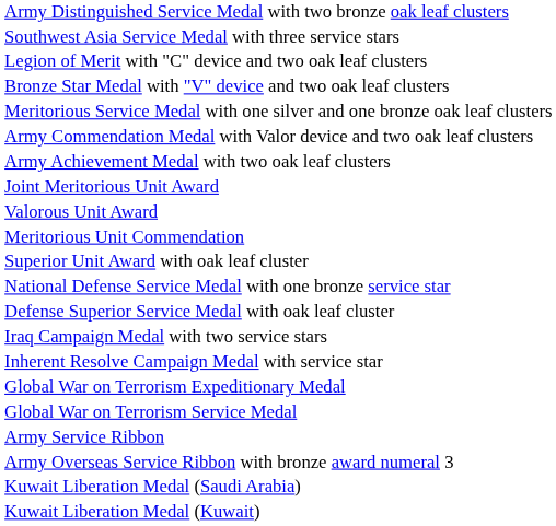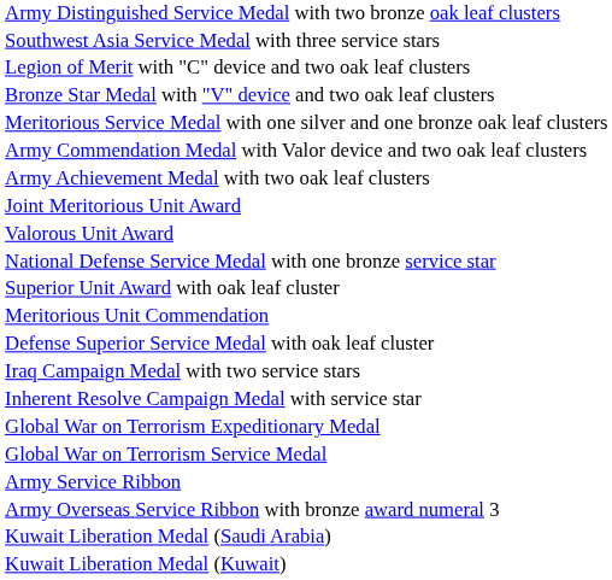 <table>
 <tr>
 <td><span></span><span></span> <a href='#'>Army Distinguished Service Medal</a> with two bronze <a href='#'>oak leaf clusters</a></td>
 </tr>
 <tr>
 <td><span></span><span></span><span></span> <a href='#'>Southwest Asia Service Medal</a> with three service stars</td>
 </tr>
 <tr>
 <td><span></span><span></span><span></span> <a href='#'>Legion of Merit</a> with "C" device and two oak leaf clusters</td>
 </tr>
 <tr>
 <td><span></span><span></span><span></span> <a href='#'>Bronze Star Medal</a> with <a href='#'>"V" device</a> and two oak leaf clusters</td>
 </tr>
 <tr>
 <td><span></span><span></span> <a href='#'>Meritorious Service Medal</a> with one silver and one bronze oak leaf clusters</td>
 </tr>
 <tr>
 <td><span></span><span></span><span></span> <a href='#'>Army Commendation Medal</a> with Valor device and two oak leaf clusters</td>
 </tr>
 <tr>
 <td><span></span><span></span> <a href='#'>Army Achievement Medal</a> with two oak leaf clusters</td>
 </tr>
 <tr>
 <td> <a href='#'>Joint Meritorious Unit Award</a></td>
 </tr>
 <tr>
 <td> <a href='#'>Valorous Unit Award</a></td>
 </tr>
 <tr>
-<td> <a href='#'>Meritorious Unit Commendation</a></td>
+<td> <a href='#'>National Defense Service Medal</a> with one bronze <a href='#'>service star</a></td>
 </tr>
 <tr>
 <td> <a href='#'>Superior Unit Award</a> with oak leaf cluster</td>
 </tr>
 <tr>
-<td> <a href='#'>National Defense Service Medal</a> with one bronze <a href='#'>service star</a></td>
+<td> <a href='#'>Meritorious Unit Commendation</a></td>
 </tr>
 <tr>
 <td> <a href='#'>Defense Superior Service Medal</a> with oak leaf cluster</td>
 </tr>
 <tr>
 <td><span></span><span></span> <a href='#'>Iraq Campaign Medal</a> with two service stars</td>
 </tr>
 <tr>
 <td> <a href='#'>Inherent Resolve Campaign Medal</a> with service star</td>
 </tr>
 <tr>
 <td> <a href='#'>Global War on Terrorism Expeditionary Medal</a></td>
 </tr>
 <tr>
 <td> <a href='#'>Global War on Terrorism Service Medal</a></td>
 </tr>
 <tr>
 <td> <a href='#'>Army Service Ribbon</a></td>
 </tr>
 <tr>
 <td><span></span> <a href='#'>Army Overseas Service Ribbon</a> with bronze <a href='#'>award numeral</a> 3</td>
 </tr>
 <tr>
 <td> <a href='#'>Kuwait Liberation Medal</a> (<a href='#'>Saudi Arabia</a>)</td>
 </tr>
 <tr>
 <td> <a href='#'>Kuwait Liberation Medal</a> (<a href='#'>Kuwait</a>)</td>
 </tr>
 </table>
